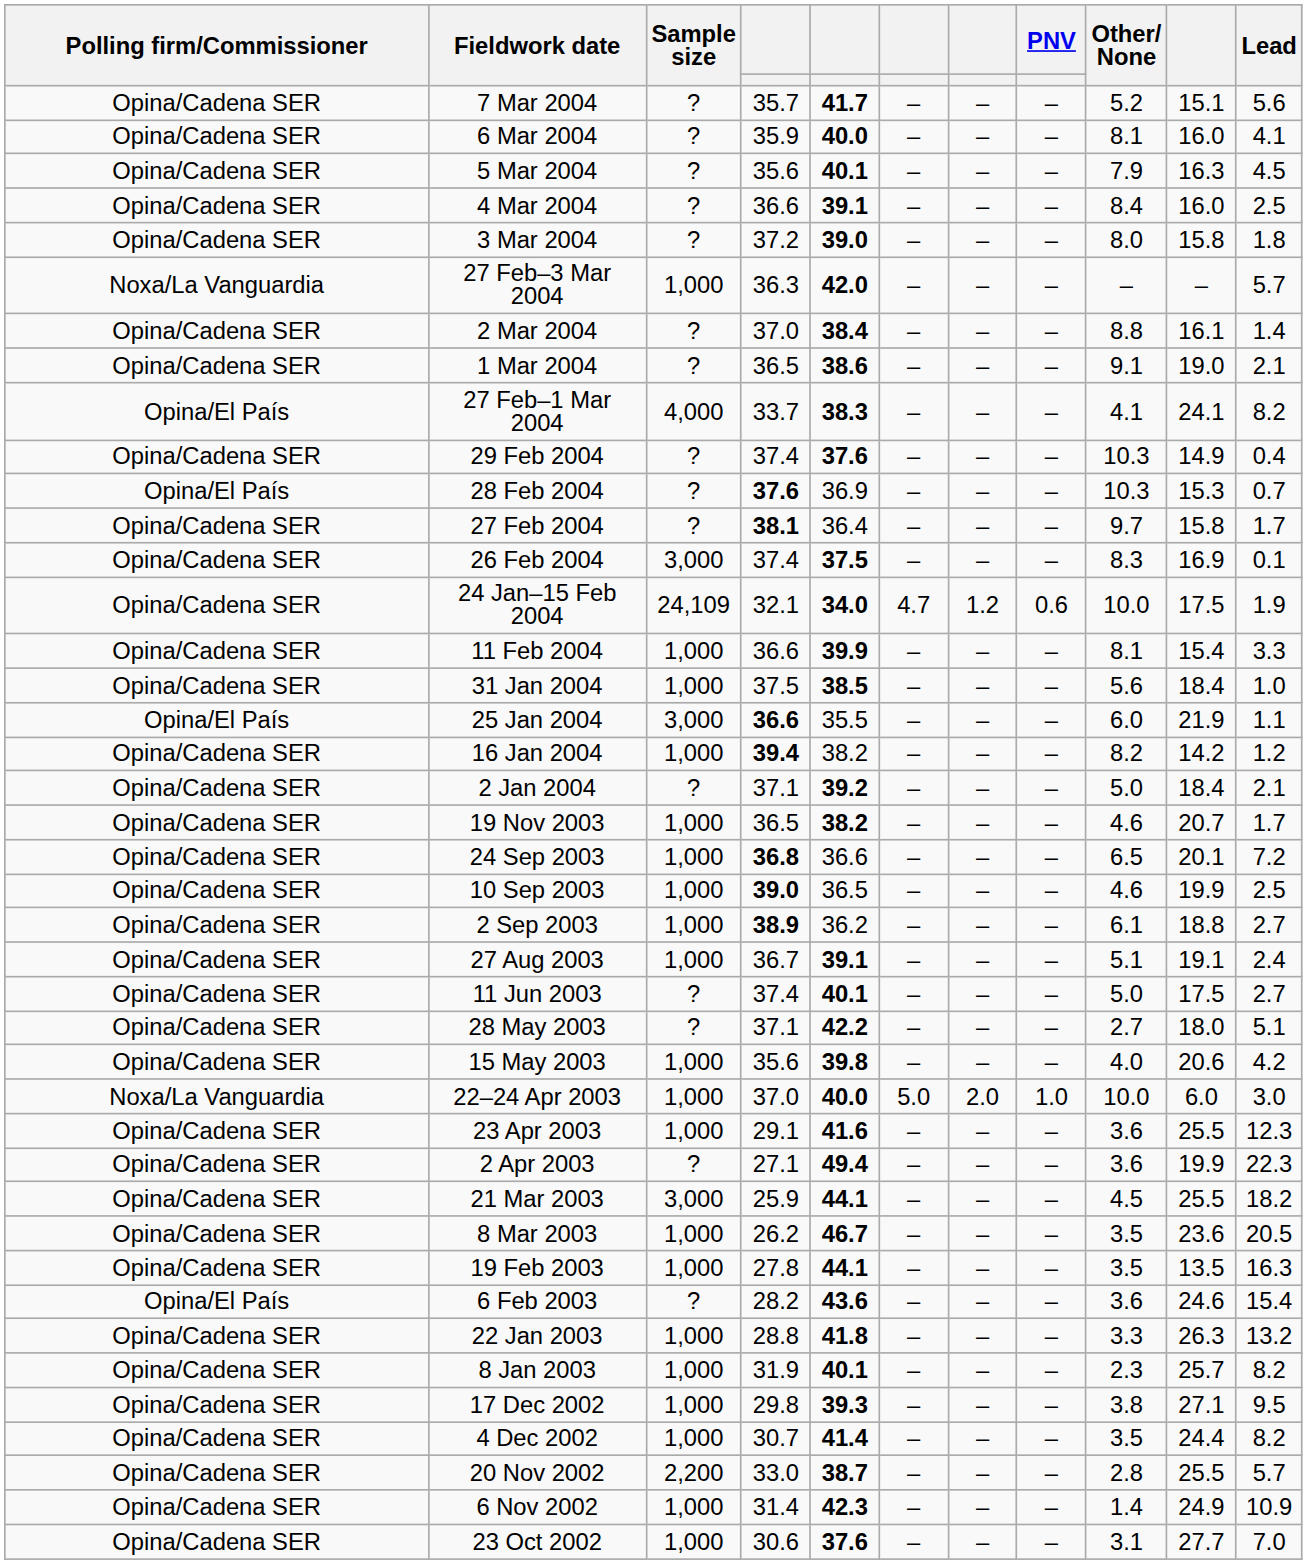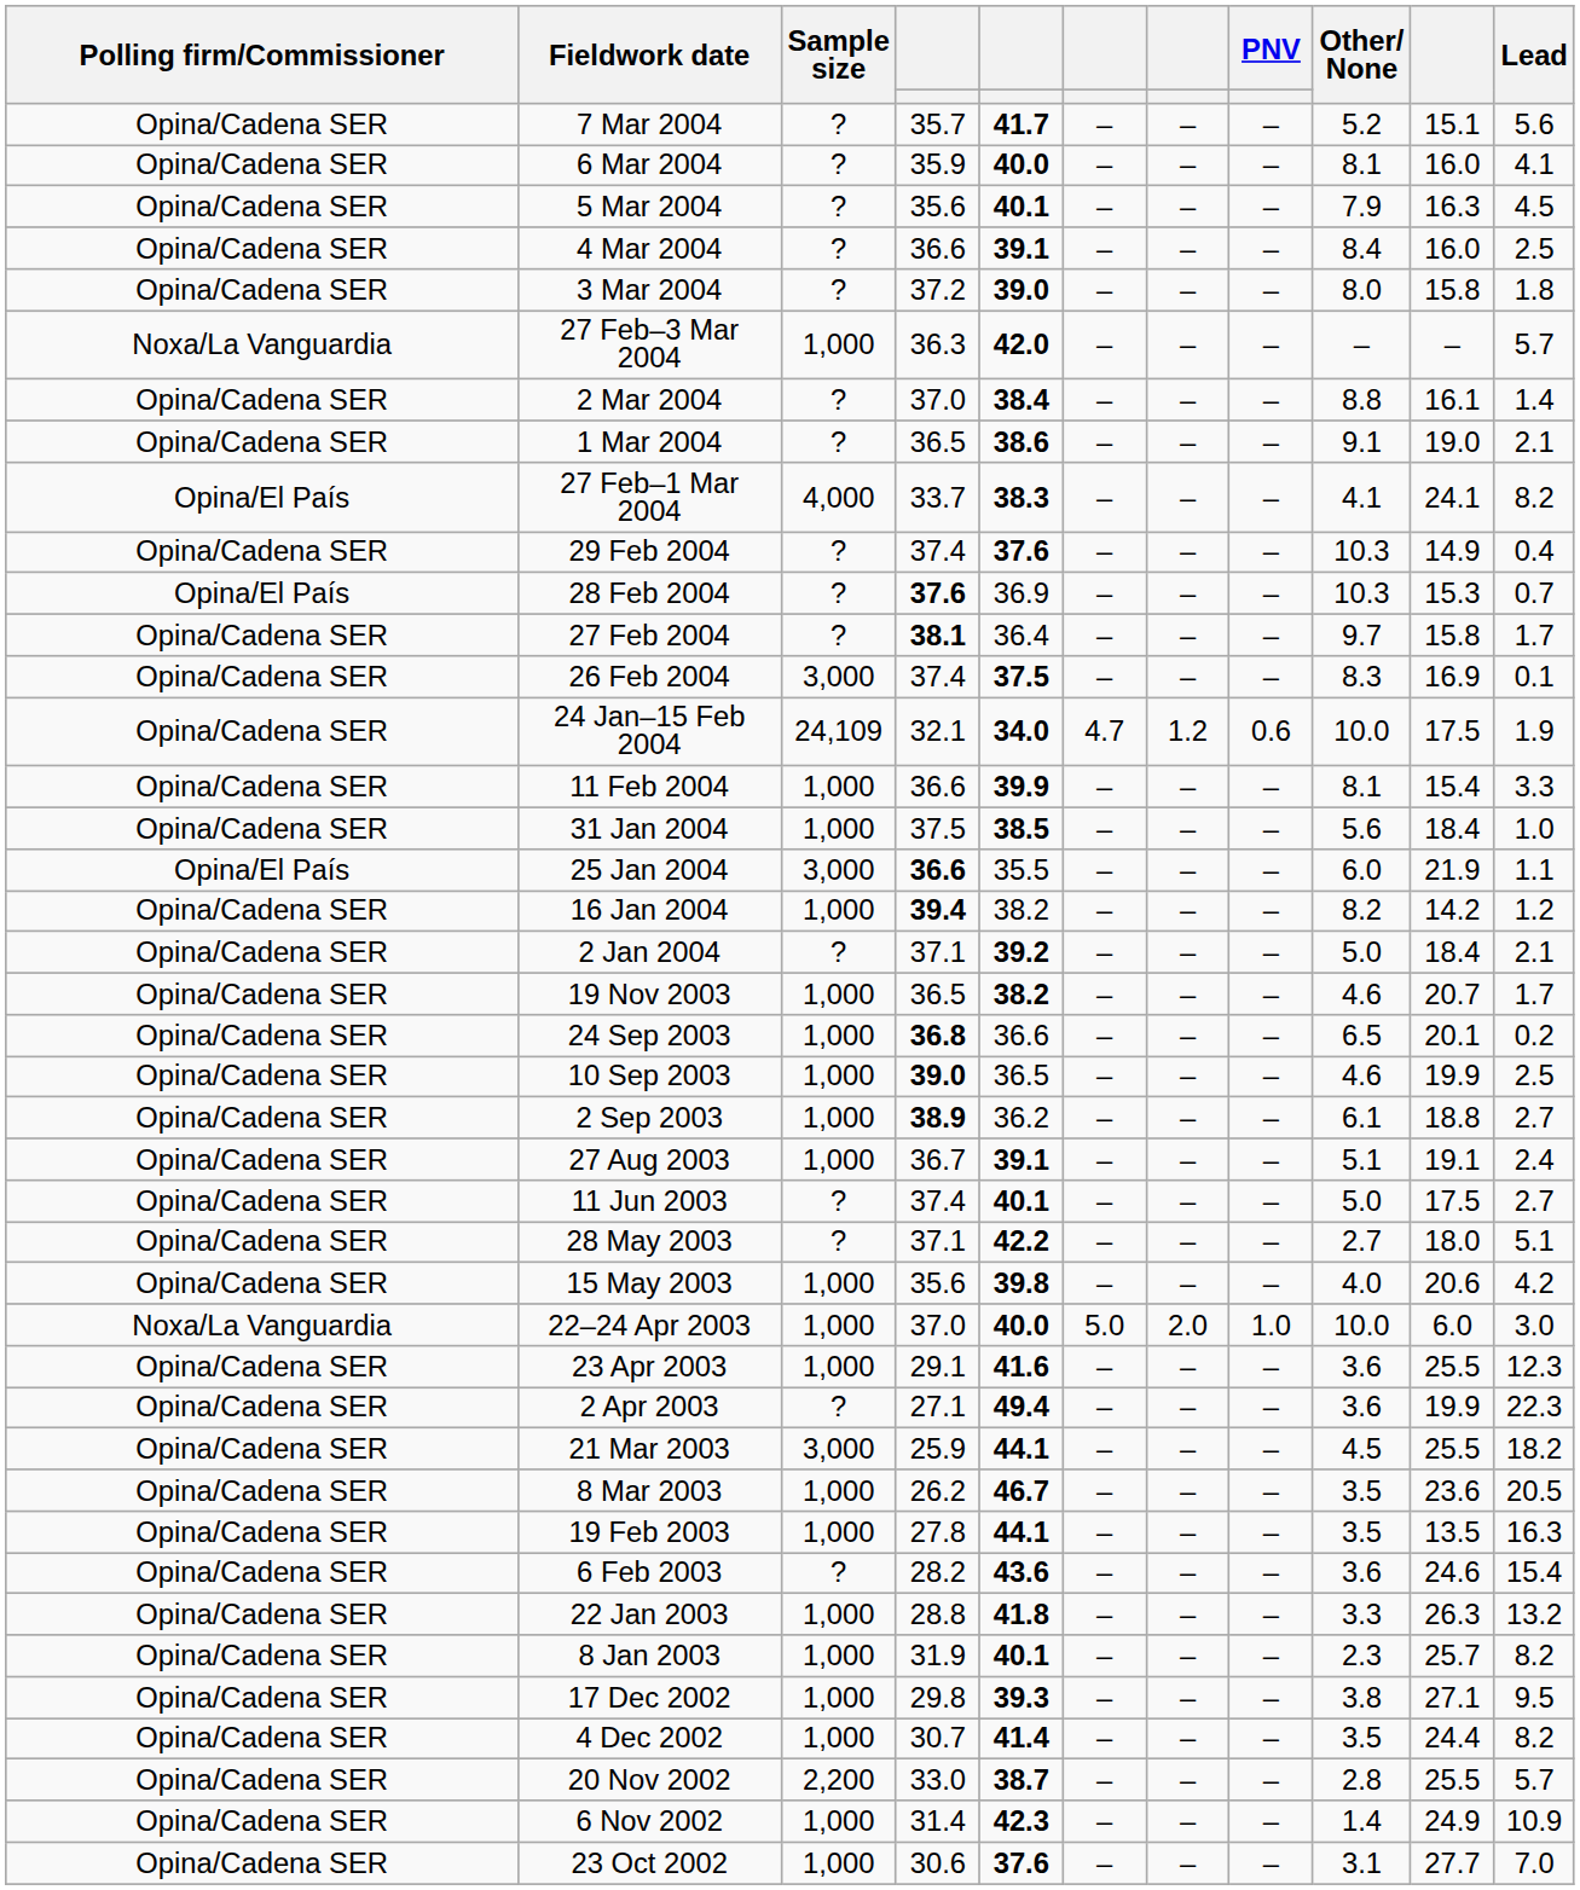 <table class="wikitable collapsible collapsed" style="text-align:center; font-size:90%; line-height:14px;">
 <tr style="height:42px;">
 <th style="width:250px;" rowspan="2">Polling firm/Commissioner</th>
 <th style="width:125px;" rowspan="2">Fieldwork date</th>
 <th style="width:50px;" rowspan="2">Sample size</th>
 <th style="width:35px;"></th>
 <th style="width:35px;"></th>
 <th style="width:35px;"></th>
 <th style="width:35px;"></th>
 <th style="width:35px;"><a href='#'>PNV</a></th>
 <th style="width:35px;" rowspan="2">Other/<br>None</th>
 <th style="width:35px;" rowspan="2"></th>
 <th style="width:30px;" rowspan="2">Lead</th>
 </tr>
 <tr>
 <th style="color:inherit;background:"></th>
 <th style="color:inherit;background:"></th>
 <th style="color:inherit;background:"></th>
 <th style="color:inherit;background:"></th>
 <th style="color:inherit;background:"></th>
 </tr>
 <tr>
 <td>Opina/Cadena SER</td>
 <td>7 Mar 2004</td>
 <td>?</td>
 <td>35.7</td>
 <td><strong>41.7</strong></td>
 <td>–</td>
 <td>–</td>
 <td>–</td>
 <td>5.2</td>
 <td>15.1</td>
 <td style="background:">5.6</td>
 </tr>
 <tr>
 <td>Opina/Cadena SER</td>
 <td>6 Mar 2004</td>
 <td>?</td>
 <td>35.9</td>
 <td><strong>40.0</strong></td>
 <td>–</td>
 <td>–</td>
 <td>–</td>
 <td>8.1</td>
 <td>16.0</td>
 <td style="background:">4.1</td>
 </tr>
 <tr>
 <td>Opina/Cadena SER</td>
 <td>5 Mar 2004</td>
 <td>?</td>
 <td>35.6</td>
 <td><strong>40.1</strong></td>
 <td>–</td>
 <td>–</td>
 <td>–</td>
 <td>7.9</td>
 <td>16.3</td>
 <td style="background:">4.5</td>
 </tr>
 <tr>
 <td>Opina/Cadena SER</td>
 <td>4 Mar 2004</td>
 <td>?</td>
 <td>36.6</td>
 <td><strong>39.1</strong></td>
 <td>–</td>
 <td>–</td>
 <td>–</td>
 <td>8.4</td>
 <td>16.0</td>
 <td style="background:">2.5</td>
 </tr>
 <tr>
 <td>Opina/Cadena SER</td>
 <td>3 Mar 2004</td>
 <td>?</td>
 <td>37.2</td>
 <td><strong>39.0</strong></td>
 <td>–</td>
 <td>–</td>
 <td>–</td>
 <td>8.0</td>
 <td>15.8</td>
 <td style="background:">1.8</td>
 </tr>
 <tr>
 <td>Noxa/La Vanguardia</td>
 <td>27 Feb–3 Mar 2004</td>
 <td>1,000</td>
 <td>36.3</td>
 <td><strong>42.0</strong></td>
 <td>–</td>
 <td>–</td>
 <td>–</td>
 <td>–</td>
 <td>–</td>
 <td style="background:">5.7</td>
 </tr>
 <tr>
 <td>Opina/Cadena SER</td>
 <td>2 Mar 2004</td>
 <td>?</td>
 <td>37.0</td>
 <td><strong>38.4</strong></td>
 <td>–</td>
 <td>–</td>
 <td>–</td>
 <td>8.8</td>
 <td>16.1</td>
 <td style="background:">1.4</td>
 </tr>
 <tr>
 <td>Opina/Cadena SER</td>
 <td>1 Mar 2004</td>
 <td>?</td>
 <td>36.5</td>
 <td><strong>38.6</strong></td>
 <td>–</td>
 <td>–</td>
 <td>–</td>
 <td>9.1</td>
 <td>19.0</td>
 <td style="background:">2.1</td>
 </tr>
 <tr>
 <td>Opina/El País</td>
 <td>27 Feb–1 Mar 2004</td>
 <td>4,000</td>
 <td>33.7</td>
 <td><strong>38.3</strong></td>
 <td>–</td>
 <td>–</td>
 <td>–</td>
 <td>4.1</td>
 <td>24.1</td>
 <td style="background:">8.2</td>
 </tr>
 <tr>
 <td>Opina/Cadena SER</td>
 <td>29 Feb 2004</td>
 <td>?</td>
 <td>37.4</td>
 <td><strong>37.6</strong></td>
 <td>–</td>
 <td>–</td>
 <td>–</td>
 <td>10.3</td>
 <td>14.9</td>
 <td style="background:">0.4</td>
 </tr>
 <tr>
 <td>Opina/El País</td>
 <td>28 Feb 2004</td>
 <td>?</td>
 <td><strong>37.6</strong></td>
 <td>36.9</td>
 <td>–</td>
 <td>–</td>
 <td>–</td>
 <td>10.3</td>
 <td>15.3</td>
 <td style="background:">0.7</td>
 </tr>
 <tr>
 <td>Opina/Cadena SER</td>
 <td>27 Feb 2004</td>
 <td>?</td>
 <td><strong>38.1</strong></td>
 <td>36.4</td>
 <td>–</td>
 <td>–</td>
 <td>–</td>
 <td>9.7</td>
 <td>15.8</td>
 <td style="background:">1.7</td>
 </tr>
 <tr>
 <td>Opina/Cadena SER</td>
 <td>26 Feb 2004</td>
 <td>3,000</td>
 <td>37.4</td>
 <td><strong>37.5</strong></td>
 <td>–</td>
 <td>–</td>
 <td>–</td>
 <td>8.3</td>
 <td>16.9</td>
 <td style="background:">0.1</td>
 </tr>
 <tr>
 <td>Opina/Cadena SER</td>
 <td>24 Jan–15 Feb 2004</td>
 <td>24,109</td>
 <td>32.1</td>
 <td><strong>34.0</strong></td>
 <td>4.7</td>
 <td>1.2</td>
 <td>0.6</td>
 <td>10.0</td>
 <td>17.5</td>
 <td style="background:">1.9</td>
 </tr>
 <tr>
 <td>Opina/Cadena SER</td>
 <td>11 Feb 2004</td>
 <td>1,000</td>
 <td>36.6</td>
 <td><strong>39.9</strong></td>
 <td>–</td>
 <td>–</td>
 <td>–</td>
 <td>8.1</td>
 <td>15.4</td>
 <td style="background:">3.3</td>
 </tr>
 <tr>
 <td>Opina/Cadena SER</td>
 <td>31 Jan 2004</td>
 <td>1,000</td>
 <td>37.5</td>
 <td><strong>38.5</strong></td>
 <td>–</td>
 <td>–</td>
 <td>–</td>
 <td>5.6</td>
 <td>18.4</td>
 <td style="background:">1.0</td>
 </tr>
 <tr>
 <td>Opina/El País</td>
 <td>25 Jan 2004</td>
 <td>3,000</td>
 <td><strong>36.6</strong></td>
 <td>35.5</td>
 <td>–</td>
 <td>–</td>
 <td>–</td>
 <td>6.0</td>
 <td>21.9</td>
 <td style="background:">1.1</td>
 </tr>
 <tr>
 <td>Opina/Cadena SER</td>
 <td>16 Jan 2004</td>
 <td>1,000</td>
 <td><strong>39.4</strong></td>
 <td>38.2</td>
 <td>–</td>
 <td>–</td>
 <td>–</td>
 <td>8.2</td>
 <td>14.2</td>
 <td style="background:">1.2</td>
 </tr>
 <tr>
 <td>Opina/Cadena SER</td>
 <td>2 Jan 2004</td>
 <td>?</td>
 <td>37.1</td>
 <td><strong>39.2</strong></td>
 <td>–</td>
 <td>–</td>
 <td>–</td>
 <td>5.0</td>
 <td>18.4</td>
 <td style="background:">2.1</td>
 </tr>
 <tr>
 <td>Opina/Cadena SER</td>
 <td>19 Nov 2003</td>
 <td>1,000</td>
 <td>36.5</td>
 <td><strong>38.2</strong></td>
 <td>–</td>
 <td>–</td>
 <td>–</td>
 <td>4.6</td>
 <td>20.7</td>
 <td style="background:">1.7</td>
 </tr>
 <tr>
 <td>Opina/Cadena SER</td>
 <td>24 Sep 2003</td>
 <td>1,000</td>
 <td><strong>36.8</strong></td>
 <td>36.6</td>
 <td>–</td>
 <td>–</td>
 <td>–</td>
 <td>6.5</td>
 <td>20.1</td>
-<td style="background:">7.2</td>
+<td style="background:">0.2</td>
 </tr>
 <tr>
 <td>Opina/Cadena SER</td>
 <td>10 Sep 2003</td>
 <td>1,000</td>
 <td><strong>39.0</strong></td>
 <td>36.5</td>
 <td>–</td>
 <td>–</td>
 <td>–</td>
 <td>4.6</td>
 <td>19.9</td>
 <td style="background:">2.5</td>
 </tr>
 <tr>
 <td>Opina/Cadena SER</td>
 <td>2 Sep 2003</td>
 <td>1,000</td>
 <td><strong>38.9</strong></td>
 <td>36.2</td>
 <td>–</td>
 <td>–</td>
 <td>–</td>
 <td>6.1</td>
 <td>18.8</td>
 <td style="background:">2.7</td>
 </tr>
 <tr>
 <td>Opina/Cadena SER</td>
 <td>27 Aug 2003</td>
 <td>1,000</td>
 <td>36.7</td>
 <td><strong>39.1</strong></td>
 <td>–</td>
 <td>–</td>
 <td>–</td>
 <td>5.1</td>
 <td>19.1</td>
 <td style="background:">2.4</td>
 </tr>
 <tr>
 <td>Opina/Cadena SER</td>
 <td>11 Jun 2003</td>
 <td>?</td>
 <td>37.4</td>
 <td><strong>40.1</strong></td>
 <td>–</td>
 <td>–</td>
 <td>–</td>
 <td>5.0</td>
 <td>17.5</td>
 <td style="background:">2.7</td>
 </tr>
 <tr>
 <td>Opina/Cadena SER</td>
 <td>28 May 2003</td>
 <td>?</td>
 <td>37.1</td>
 <td><strong>42.2</strong></td>
 <td>–</td>
 <td>–</td>
 <td>–</td>
 <td>2.7</td>
 <td>18.0</td>
 <td style="background:">5.1</td>
 </tr>
 <tr>
 <td>Opina/Cadena SER</td>
 <td>15 May 2003</td>
 <td>1,000</td>
 <td>35.6</td>
 <td><strong>39.8</strong></td>
 <td>–</td>
 <td>–</td>
 <td>–</td>
 <td>4.0</td>
 <td>20.6</td>
 <td style="background:">4.2</td>
 </tr>
 <tr>
 <td>Noxa/La Vanguardia</td>
 <td>22–24 Apr 2003</td>
 <td>1,000</td>
 <td>37.0</td>
 <td><strong>40.0</strong></td>
 <td>5.0</td>
 <td>2.0</td>
 <td>1.0</td>
 <td>10.0</td>
 <td>6.0</td>
 <td style="background:">3.0</td>
 </tr>
 <tr>
 <td>Opina/Cadena SER</td>
 <td>23 Apr 2003</td>
 <td>1,000</td>
 <td>29.1</td>
 <td><strong>41.6</strong></td>
 <td>–</td>
 <td>–</td>
 <td>–</td>
 <td>3.6</td>
 <td>25.5</td>
 <td style="background:">12.3</td>
 </tr>
 <tr>
 <td>Opina/Cadena SER</td>
 <td>2 Apr 2003</td>
 <td>?</td>
 <td>27.1</td>
 <td><strong>49.4</strong></td>
 <td>–</td>
 <td>–</td>
 <td>–</td>
 <td>3.6</td>
 <td>19.9</td>
 <td style="background:">22.3</td>
 </tr>
 <tr>
 <td>Opina/Cadena SER</td>
 <td>21 Mar 2003</td>
 <td>3,000</td>
 <td>25.9</td>
 <td><strong>44.1</strong></td>
 <td>–</td>
 <td>–</td>
 <td>–</td>
 <td>4.5</td>
 <td>25.5</td>
 <td style="background:">18.2</td>
 </tr>
 <tr>
 <td>Opina/Cadena SER</td>
 <td>8 Mar 2003</td>
 <td>1,000</td>
 <td>26.2</td>
 <td><strong>46.7</strong></td>
 <td>–</td>
 <td>–</td>
 <td>–</td>
 <td>3.5</td>
 <td>23.6</td>
 <td style="background:">20.5</td>
 </tr>
 <tr>
 <td>Opina/Cadena SER</td>
 <td>19 Feb 2003</td>
 <td>1,000</td>
 <td>27.8</td>
 <td><strong>44.1</strong></td>
 <td>–</td>
 <td>–</td>
 <td>–</td>
 <td>3.5</td>
 <td>13.5</td>
 <td style="background:">16.3</td>
 </tr>
 <tr>
-<td>Opina/El País</td>
+<td>Opina/Cadena SER</td>
 <td>6 Feb 2003</td>
 <td>?</td>
 <td>28.2</td>
 <td><strong>43.6</strong></td>
 <td>–</td>
 <td>–</td>
 <td>–</td>
 <td>3.6</td>
 <td>24.6</td>
 <td style="background:">15.4</td>
 </tr>
 <tr>
 <td>Opina/Cadena SER</td>
 <td>22 Jan 2003</td>
 <td>1,000</td>
 <td>28.8</td>
 <td><strong>41.8</strong></td>
 <td>–</td>
 <td>–</td>
 <td>–</td>
 <td>3.3</td>
 <td>26.3</td>
 <td style="background:">13.2</td>
 </tr>
 <tr>
 <td>Opina/Cadena SER</td>
 <td>8 Jan 2003</td>
 <td>1,000</td>
 <td>31.9</td>
 <td><strong>40.1</strong></td>
 <td>–</td>
 <td>–</td>
 <td>–</td>
 <td>2.3</td>
 <td>25.7</td>
 <td style="background:">8.2</td>
 </tr>
 <tr>
 <td>Opina/Cadena SER</td>
 <td>17 Dec 2002</td>
 <td>1,000</td>
 <td>29.8</td>
 <td><strong>39.3</strong></td>
 <td>–</td>
 <td>–</td>
 <td>–</td>
 <td>3.8</td>
 <td>27.1</td>
 <td style="background:">9.5</td>
 </tr>
 <tr>
 <td>Opina/Cadena SER</td>
 <td>4 Dec 2002</td>
 <td>1,000</td>
 <td>30.7</td>
 <td><strong>41.4</strong></td>
 <td>–</td>
 <td>–</td>
 <td>–</td>
 <td>3.5</td>
 <td>24.4</td>
 <td style="background:">8.2</td>
 </tr>
 <tr>
 <td>Opina/Cadena SER</td>
 <td>20 Nov 2002</td>
 <td>2,200</td>
 <td>33.0</td>
 <td><strong>38.7</strong></td>
 <td>–</td>
 <td>–</td>
 <td>–</td>
 <td>2.8</td>
 <td>25.5</td>
 <td style="background:">5.7</td>
 </tr>
 <tr>
 <td>Opina/Cadena SER</td>
 <td>6 Nov 2002</td>
 <td>1,000</td>
 <td>31.4</td>
 <td><strong>42.3</strong></td>
 <td>–</td>
 <td>–</td>
 <td>–</td>
 <td>1.4</td>
 <td>24.9</td>
 <td style="background:">10.9</td>
 </tr>
 <tr>
 <td>Opina/Cadena SER</td>
 <td>23 Oct 2002</td>
 <td>1,000</td>
 <td>30.6</td>
 <td><strong>37.6</strong></td>
 <td>–</td>
 <td>–</td>
 <td>–</td>
 <td>3.1</td>
 <td>27.7</td>
 <td style="background:">7.0</td>
 </tr>
 </table>
